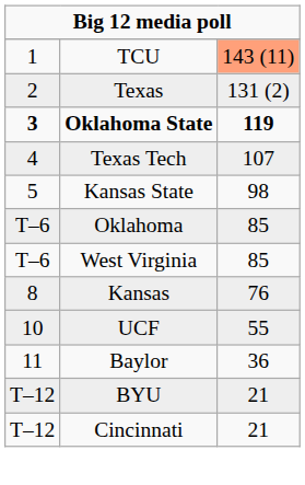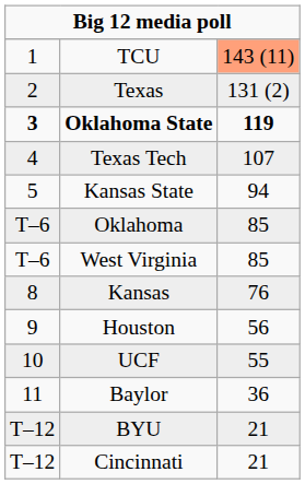 <table class="wikitable" style="display: inline-table;">
 <tr>
 <td align="center" Colspan="3"><strong>Big 12 media poll</strong></td>
 </tr>
 <tr align="center" style="background:#eeeeee;">
 </tr>
 <tr align="center">
 <td>1</td>
 <td>TCU</td>
 <td style="background: lightsalmon;">143 (11)</td>
 </tr>
 <tr align="center" style="background:#eeeeee;">
 <td>2</td>
 <td>Texas</td>
 <td>131 (2)</td>
 </tr>
 <tr align="center">
 <td><strong>3</strong></td>
 <td><strong>Oklahoma State</strong></td>
 <td><strong>119</strong></td>
 </tr>
 <tr align="center" style="background:#eeeeee;">
 <td>4</td>
 <td>Texas Tech</td>
 <td>107</td>
 </tr>
 <tr align="center">
 <td>5</td>
 <td>Kansas State</td>
-<td>98</td>
+<td>94</td>
 </tr>
 <tr align="center" style="background:#eeeeee;">
 <td>T–6</td>
 <td>Oklahoma</td>
 <td>85</td>
 </tr>
 <tr align="center">
 <td>T–6</td>
 <td>West Virginia</td>
 <td>85</td>
 </tr>
 <tr align="center" style="background:#eeeeee;">
 <td>8</td>
 <td>Kansas</td>
 <td>76</td>
+</tr>
+<tr align="center">
+<td>9</td>
+<td>Houston</td>
+<td>56</td>
 </tr>
 <tr align="center" style="background:#eeeeee;">
 <td>10</td>
 <td>UCF</td>
 <td>55</td>
 </tr>
 <tr align="center">
 <td>11</td>
 <td>Baylor</td>
 <td>36</td>
 </tr>
 <tr align="center" style="background:#eeeeee;">
 <td>T–12</td>
 <td>BYU</td>
 <td>21</td>
 </tr>
 <tr align="center">
 <td>T–12</td>
 <td>Cincinnati</td>
 <td>21</td>
 </tr>
 </table>
